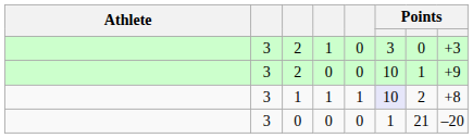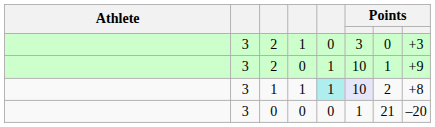 <table class="wikitable" style="text-align: center; font-size:100% ">
 <tr>
 <th rowspan=2 width=250>Athlete</th>
 <th rowspan=2 width=25></th>
 <th rowspan=2 width=25></th>
 <th rowspan=2 width=25></th>
 <th rowspan=2 width=25></th>
 <th colspan=3>Points</th>
 </tr>
 <tr>
 <th width=25></th>
 <th width=25></th>
 <th width=25></th>
 </tr>
 <tr bgcolor="ccffcc">
 <td align=left></td>
 <td>3</td>
 <td>2</td>
 <td>1</td>
 <td>0</td>
 <td>3</td>
 <td>0</td>
 <td>+3</td>
 </tr>
 <tr bgcolor="ccffcc">
 <td align=left></td>
 <td>3</td>
 <td>2</td>
 <td>0</td>
-<td>0</td>
+<td>1</td>
 <td>10</td>
 <td>1</td>
 <td>+9</td>
 </tr>
 <tr>
 <td align=left></td>
 <td>3</td>
 <td>1</td>
 <td>1</td>
-<td>1</td>
+<td style="background: paleturquoise;">1</td>
 <td style="background: lavender;">10</td>
 <td>2</td>
 <td>+8</td>
 </tr>
 <tr>
 <td align=left></td>
 <td>3</td>
 <td>0</td>
 <td>0</td>
 <td>0</td>
 <td>1</td>
 <td>21</td>
 <td>–20</td>
 </tr>
 </table>
